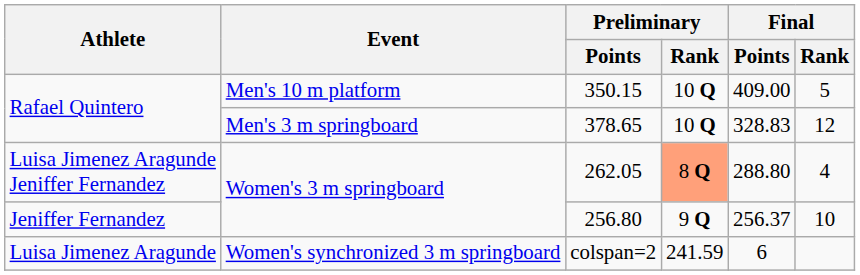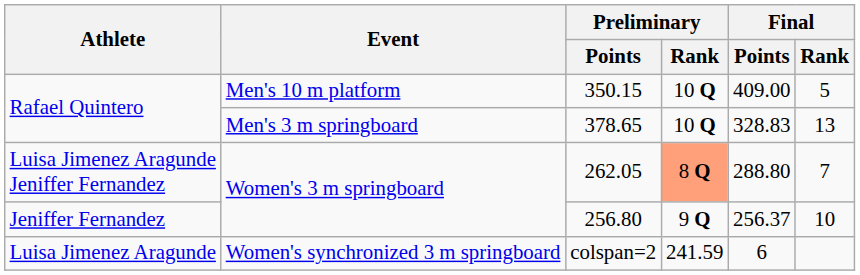 <table class=wikitable style="font-size:90%">
 <tr>
 <th rowspan="2">Athlete</th>
 <th rowspan="2">Event</th>
 <th colspan="2">Preliminary</th>
 <th colspan="2">Final</th>
 </tr>
 <tr>
 <th>Points</th>
 <th>Rank</th>
 <th>Points</th>
 <th>Rank</th>
 </tr>
 <tr align=center>
 <td align=left rowspan=2><a href='#'>Rafael Quintero</a></td>
 <td align=left><a href='#'>Men's 10 m platform</a></td>
 <td>350.15</td>
 <td>10 <strong>Q</strong></td>
 <td>409.00</td>
 <td>5</td>
 </tr>
 <tr align=center>
 <td align=left><a href='#'>Men's 3 m springboard</a></td>
 <td>378.65</td>
 <td>10 <strong>Q</strong></td>
 <td>328.83</td>
-<td>12</td>
+<td>13</td>
 </tr>
 <tr align=center>
 <td align=left><a href='#'>Luisa Jimenez Aragunde</a><br><a href='#'>Jeniffer Fernandez</a></td>
 <td align=left rowspan=2><a href='#'>Women's 3 m springboard</a></td>
 <td>262.05</td>
 <td style="background: lightsalmon;">8 <strong>Q</strong></td>
 <td>288.80</td>
-<td>4</td>
+<td>7</td>
 </tr>
 <tr align=center>
 <td align=left><a href='#'>Jeniffer Fernandez</a></td>
 <td>256.80</td>
 <td>9 <strong>Q</strong></td>
 <td>256.37</td>
 <td>10</td>
 </tr>
 <tr align=center>
 <td align=left><a href='#'>Luisa Jimenez Aragunde</a></td>
 <td align=left><a href='#'>Women's synchronized 3 m springboard</a></td>
 <td>colspan=2 </td>
 <td>241.59</td>
 <td>6</td>
 </tr>
 </table>
